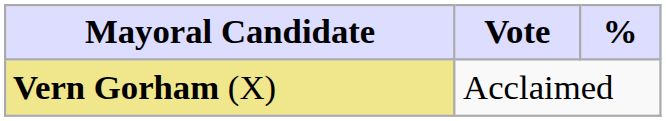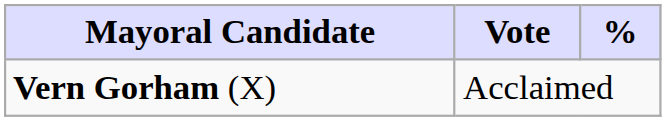 <table class="wikitable">
 <tr>
 <th style="background:#ddf; width:200px;">Mayoral Candidate</th>
 <th style="background:#ddf; width:50px;">Vote</th>
 <th style="background:#ddf; width:30px;">%</th>
 </tr>
 <tr>
-<td style="background: khaki;"><strong>Vern Gorham</strong> (X)</td>
+<td><strong>Vern Gorham</strong> (X)</td>
 <td colspan="2">Acclaimed</td>
 </tr>
 </table>
